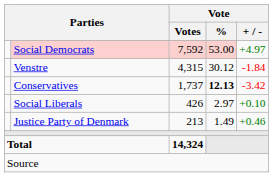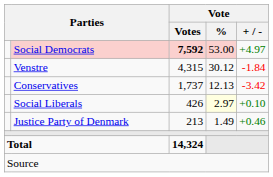 <table class="wikitable" style="text-align:right;">
 <tr>
 <th style="text-align:centre;" rowspan="2" colspan="2" width="225">Parties</th>
 <th colspan="3">Vote</th>
 </tr>
 <tr>
 <th width="15">Votes</th>
 <th width="15">%</th>
 <th width="15">+ / -</th>
 </tr>
 <tr>
 <td width="2" style="color:inherit;background:"></td>
 <td bgcolor=#fbd0ce  align="left"><a href='#'>Social Democrats</a></td>
-<td bgcolor=#fbd0ce>7,592</td>
+<td bgcolor=#fbd0ce><strong>7,592</strong></td>
 <td bgcolor=#fbd0ce>53.00</td>
 <td style=color:green;>+4.97</td>
 </tr>
 <tr>
 <td width="2" style="color:inherit;background:"></td>
 <td align="left"><a href='#'>Venstre</a></td>
 <td>4,315</td>
 <td>30.12</td>
 <td style=color:red;>-1.84</td>
 </tr>
 <tr>
 <td width="2" style="color:inherit;background:"></td>
 <td align="left"><a href='#'>Conservatives</a></td>
 <td>1,737</td>
-<td><strong>12.13</strong></td>
+<td>12.13</td>
 <td style=color:red;>-3.42</td>
 </tr>
 <tr>
 <td width="2" style="color:inherit;background:"></td>
 <td align="left"><a href='#'>Social Liberals</a></td>
 <td>426</td>
-<td>2.97</td>
+<td style="background: lightyellow;">2.97</td>
 <td style=color:green;>+0.10</td>
 </tr>
 <tr>
 <td width="2" style="color:inherit;background:"></td>
 <td align="left"><a href='#'>Justice Party of Denmark</a></td>
 <td>213</td>
 <td>1.49</td>
 <td style=color:green;>+0.46</td>
 </tr>
 <tr>
 <td colspan="7" bgcolor="#E9E9E9"></td>
 </tr>
 <tr>
 <td align="left" colspan="2"><strong>Total</strong></td>
 <td><strong>14,324</strong></td>
 <td bgcolor="#E9E9E9" colspan="2"></td>
 </tr>
 <tr>
 <td align="left" colspan="6">Source</td>
 </tr>
 </table>
